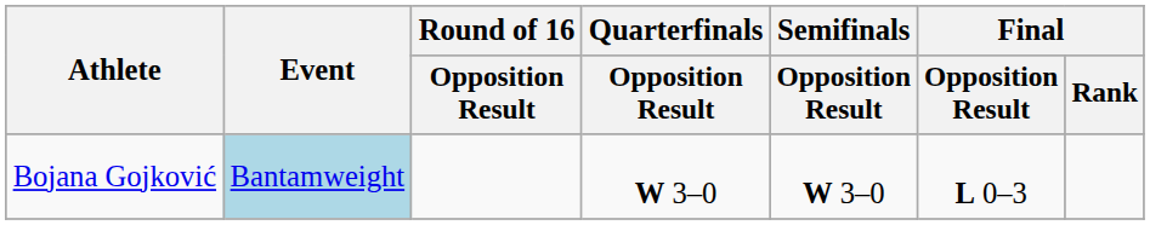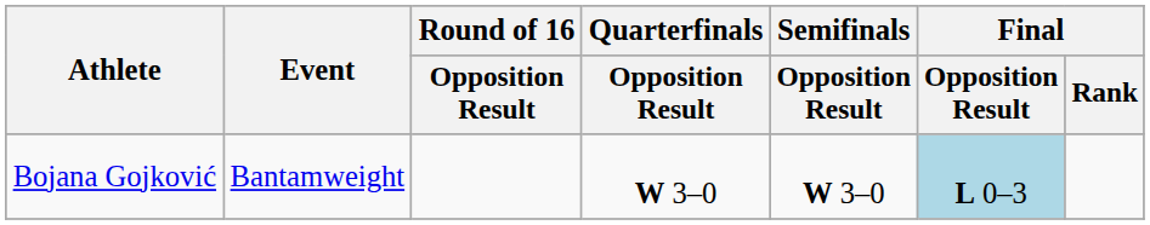 <table class="wikitable" style="font-size:90%">
 <tr>
 <th rowspan=2>Athlete</th>
 <th rowspan=2>Event</th>
 <th>Round of 16</th>
 <th>Quarterfinals</th>
 <th>Semifinals</th>
 <th colspan=2>Final</th>
 </tr>
 <tr style="font-size:95%">
 <th>Opposition<br>Result</th>
 <th>Opposition<br>Result</th>
 <th>Opposition<br>Result</th>
 <th>Opposition<br>Result</th>
 <th>Rank</th>
 </tr>
 <tr align=center>
 <td align=left><a href='#'>Bojana Gojković</a></td>
-<td align=left style="background: lightblue;"><a href='#'>Bantamweight</a></td>
+<td align=left><a href='#'>Bantamweight</a></td>
 <td></td>
 <td><br><strong>W</strong> 3–0</td>
 <td><br><strong>W</strong> 3–0</td>
-<td><br><strong>L</strong> 0–3</td>
+<td style="background: lightblue;"><br><strong>L</strong> 0–3</td>
 <td></td>
 </tr>
 </table>
